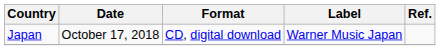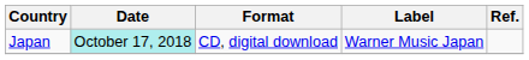 <table class="wikitable">
 <tr>
 <th>Country</th>
 <th>Date</th>
 <th>Format</th>
 <th>Label</th>
 <th>Ref.</th>
 </tr>
 <tr>
 <td><a href='#'>Japan</a></td>
-<td>October 17, 2018</td>
+<td style="background: paleturquoise;">October 17, 2018</td>
 <td><a href='#'>CD</a>, <a href='#'>digital download</a></td>
 <td><a href='#'>Warner Music Japan</a></td>
 <td></td>
 </tr>
 <tr>
 </tr>
 </table>
